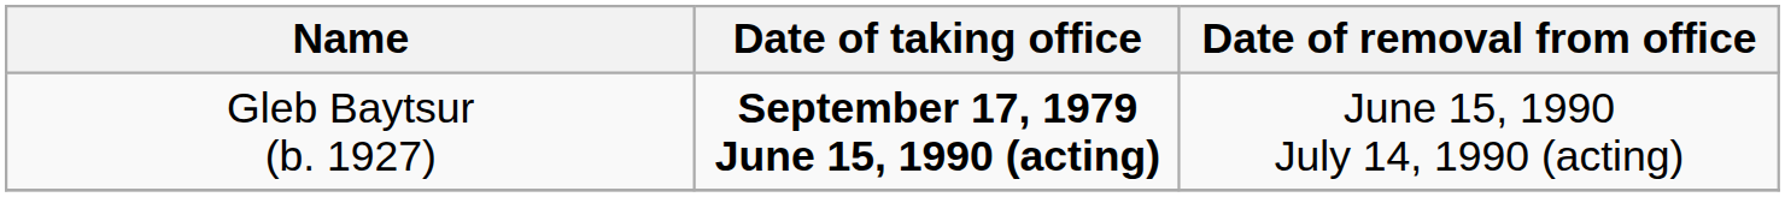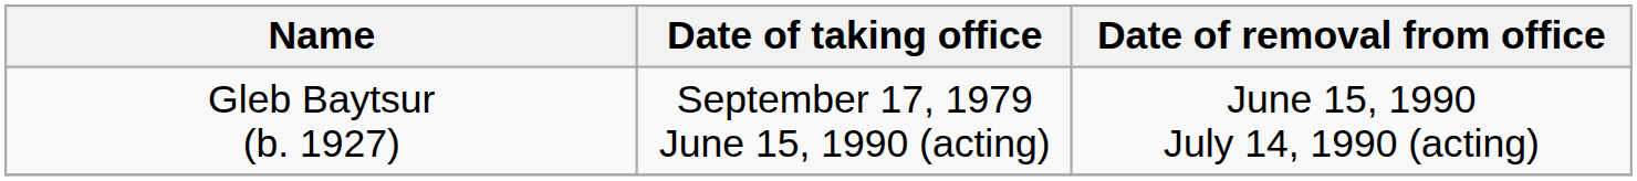 <table class="wikitable" style="text-align:center" style="text-align:center" width=75%>
 <tr>
 <th width=250px>Name</th>
 <th>Date of taking office</th>
 <th>Date of removal from office</th>
 </tr>
 <tr>
 <td>Gleb Baytsur<br>(b. 1927)<br></td>
-<td><strong>September 17, 1979<br>June 15, 1990 (acting)</strong></td>
+<td>September 17, 1979<br>June 15, 1990 (acting)</td>
 <td>June 15, 1990<br>July 14, 1990 (acting)</td>
 </tr>
 <tr>
 </tr>
 </table>
